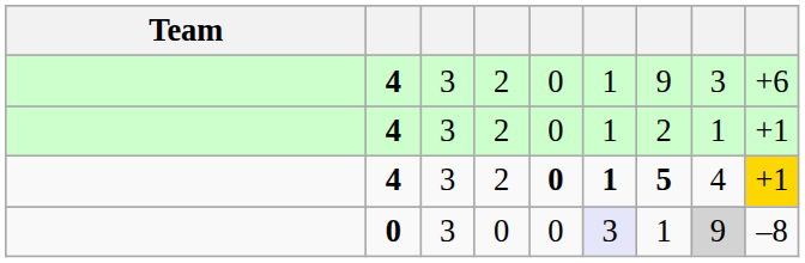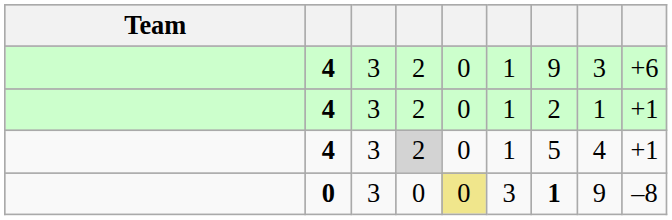 <table class="wikitable" style="text-align:center">
 <tr>
 <th width="175">Team</th>
 <th width="20"></th>
 <th width="20"></th>
 <th width="20"></th>
 <th width="20"></th>
 <th width="20"></th>
 <th width="20"></th>
 <th width="20"></th>
 <th width="20"></th>
 </tr>
 <tr bgcolor=#CCFFCC>
 <td align=left></td>
 <td><strong>4</strong></td>
 <td>3</td>
 <td>2</td>
 <td>0</td>
 <td>1</td>
 <td>9</td>
 <td>3</td>
 <td>+6</td>
 </tr>
 <tr bgcolor=#CCFFCC>
 <td align=left></td>
 <td><strong>4</strong></td>
 <td>3</td>
 <td>2</td>
 <td>0</td>
 <td>1</td>
 <td>2</td>
 <td>1</td>
 <td>+1</td>
 </tr>
 <tr>
 <td align=left></td>
 <td><strong>4</strong></td>
 <td>3</td>
-<td>2</td>
-<td><strong>0</strong></td>
-<td><strong>1</strong></td>
-<td><strong>5</strong></td>
+<td style="background: lightgrey;">2</td>
+<td>0</td>
+<td>1</td>
+<td>5</td>
 <td>4</td>
-<td style="background: gold;">+1</td>
+<td>+1</td>
 </tr>
 <tr>
 <td align=left></td>
 <td><strong>0</strong></td>
 <td>3</td>
 <td>0</td>
-<td>0</td>
-<td style="background: lavender;">3</td>
-<td>1</td>
-<td style="background: lightgrey;">9</td>
+<td style="background: khaki;">0</td>
+<td>3</td>
+<td><strong>1</strong></td>
+<td>9</td>
 <td>–8</td>
 </tr>
 </table>
